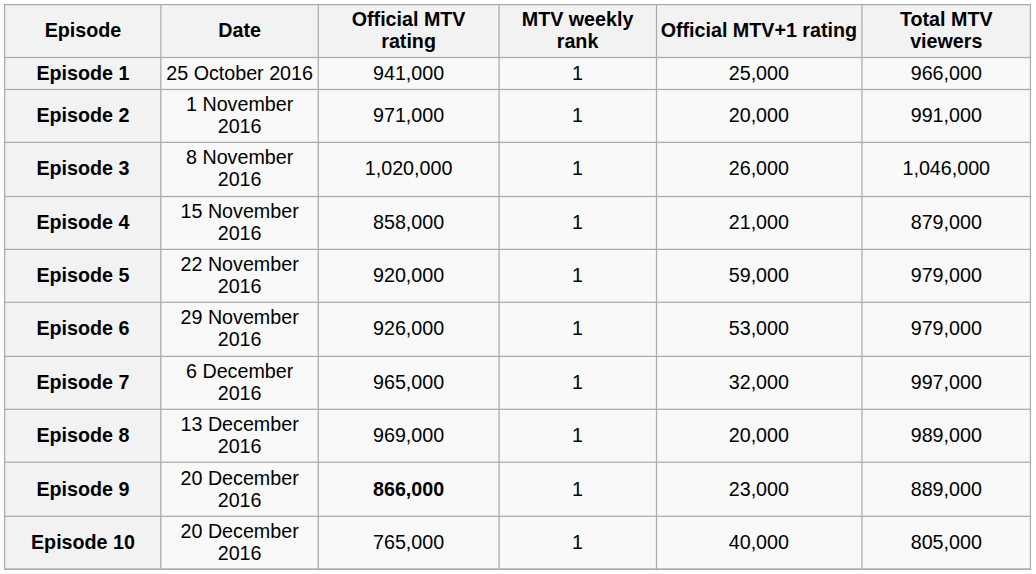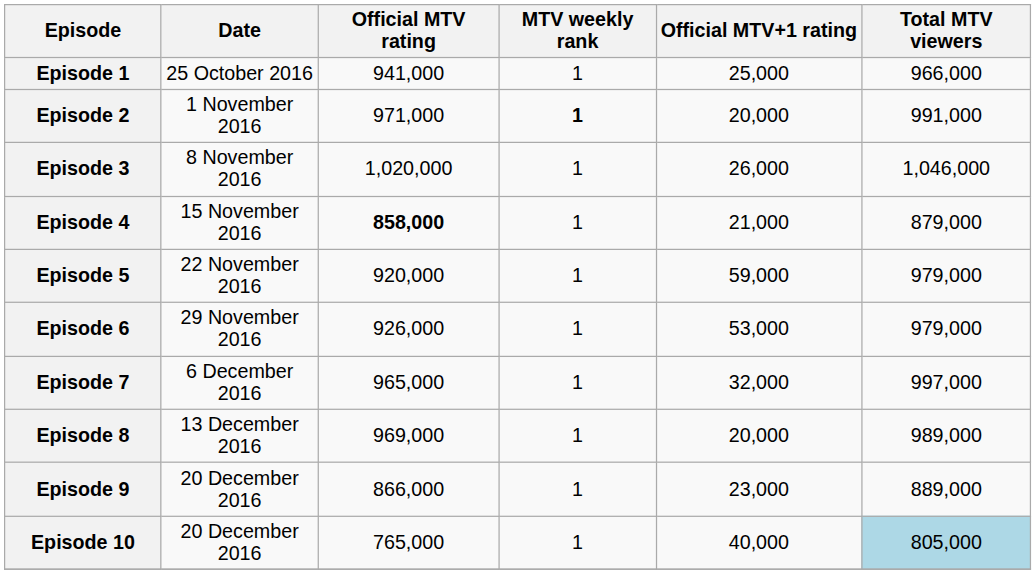 <table class="wikitable sortable" style="text-align:center">
 <tr>
 <th scope="col" style="width:120px;">Episode</th>
 <th scope="col" style="width:120px;">Date</th>
 <th scope="col" style="width:140px;">Official MTV rating</th>
 <th scope="col" style="width:120px;">MTV weekly rank</th>
 <th scope="col" style="width:160px;">Official MTV+1 rating</th>
 <th scope="col" style="width:130px;">Total MTV viewers</th>
 </tr>
 <tr>
 <th scope="row">Episode 1</th>
 <td>25 October 2016</td>
 <td>941,000</td>
 <td>1</td>
 <td>25,000</td>
 <td>966,000</td>
 </tr>
 <tr>
 <th scope="row">Episode 2</th>
 <td>1 November 2016</td>
 <td>971,000</td>
-<td>1</td>
+<td><strong>1</strong></td>
 <td>20,000</td>
 <td>991,000</td>
 </tr>
 <tr>
 <th scope="row">Episode 3</th>
 <td>8 November 2016</td>
 <td>1,020,000</td>
 <td>1</td>
 <td>26,000</td>
 <td>1,046,000</td>
 </tr>
 <tr>
 <th scope="row">Episode 4</th>
 <td>15 November 2016</td>
-<td>858,000</td>
+<td><strong>858,000</strong></td>
 <td>1</td>
 <td>21,000</td>
 <td>879,000</td>
 </tr>
 <tr>
 <th scope="row">Episode 5</th>
 <td>22 November 2016</td>
 <td>920,000</td>
 <td>1</td>
 <td>59,000</td>
 <td>979,000</td>
 </tr>
 <tr>
 <th scope="row">Episode 6</th>
 <td>29 November 2016</td>
 <td>926,000</td>
 <td>1</td>
 <td>53,000</td>
 <td>979,000</td>
 </tr>
 <tr>
 <th scope="row">Episode 7</th>
 <td>6 December 2016</td>
 <td>965,000</td>
 <td>1</td>
 <td>32,000</td>
 <td>997,000</td>
 </tr>
 <tr>
 <th scope="row">Episode 8</th>
 <td>13 December 2016</td>
 <td>969,000</td>
 <td>1</td>
 <td>20,000</td>
 <td>989,000</td>
 </tr>
 <tr>
 <th scope="row">Episode 9</th>
 <td>20 December 2016</td>
-<td><strong>866,000</strong></td>
+<td>866,000</td>
 <td>1</td>
 <td>23,000</td>
 <td>889,000</td>
 </tr>
 <tr>
 <th scope="row">Episode 10</th>
 <td>20 December 2016</td>
 <td>765,000</td>
 <td>1</td>
 <td>40,000</td>
-<td>805,000</td>
+<td style="background: lightblue;">805,000</td>
 </tr>
 <tr>
 </tr>
 </table>
